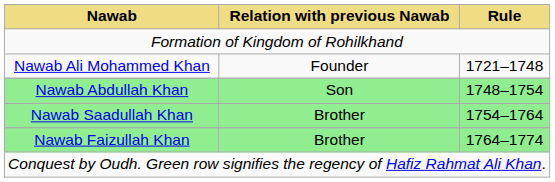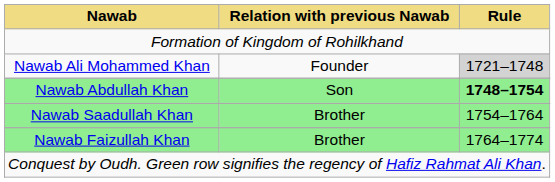 <table class="wikitable">
 <tr>
 <th style="background-color:#F0DC82">Nawab</th>
 <th style="background-color:#F0DC82">Relation with previous Nawab</th>
 <th style="background-color:#F0DC82">Rule</th>
 </tr>
 <tr>
 <td colspan=4 align="center"><em>Formation of Kingdom of Rohilkhand</em></td>
 </tr>
 <tr>
 <td align="center"><a href='#'>Nawab Ali Mohammed Khan</a><br></td>
 <td align="center">Founder<br></td>
-<td align="center">1721–1748</td>
+<td align="center" style="background: lightgrey;">1721–1748</td>
 </tr>
 <tr>
 </tr>
 <tr style="background:lightgreen">
 <td align="center"><a href='#'>Nawab Abdullah Khan</a> <br></td>
 <td align="center">Son</td>
-<td align="center">1748–1754</td>
+<td align="center"><strong>1748–1754</strong></td>
 </tr>
 <tr>
 </tr>
 <tr style="background:lightgreen">
 <td align="center"><a href='#'>Nawab Saadullah Khan</a> <br></td>
 <td align="center">Brother</td>
 <td align="center">1754–1764</td>
 </tr>
 <tr>
 </tr>
 <tr style="background:lightgreen">
 <td align="center"><a href='#'>Nawab Faizullah Khan</a><br></td>
 <td align="center">Brother</td>
 <td align="center">1764–1774</td>
 </tr>
 <tr>
 <td colspan=4 align="center"><em>Conquest by Oudh. Green row signifies the regency of <a href='#'>Hafiz Rahmat Ali Khan</a></em>.</td>
 </tr>
 </table>
